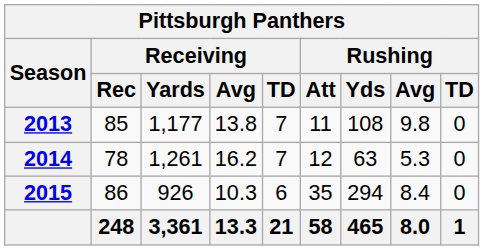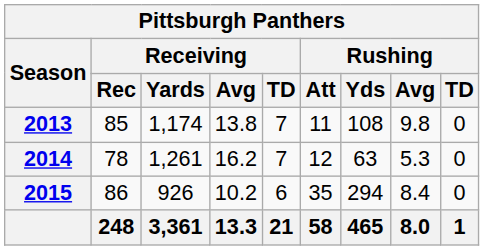 <table class=wikitable style="text-align:center;">
 <tr>
 <th colspan="9">Pittsburgh Panthers</th>
 </tr>
 <tr>
 <th rowspan="2">Season</th>
 <th colspan="4">Receiving</th>
 <th colspan="4">Rushing</th>
 </tr>
 <tr>
 <th>Rec</th>
 <th>Yards</th>
 <th>Avg</th>
 <th>TD</th>
 <th>Att</th>
 <th>Yds</th>
 <th>Avg</th>
 <th>TD</th>
 </tr>
 <tr>
 <th><a href='#'>2013</a></th>
 <td>85</td>
-<td>1,177</td>
+<td>1,174</td>
 <td>13.8</td>
 <td>7</td>
 <td>11</td>
 <td>108</td>
 <td>9.8</td>
 <td>0</td>
 </tr>
 <tr>
 <th><a href='#'>2014</a></th>
 <td>78</td>
 <td>1,261</td>
 <td>16.2</td>
 <td>7</td>
 <td>12</td>
 <td>63</td>
 <td>5.3</td>
 <td>0</td>
 </tr>
 <tr>
 <th><a href='#'>2015</a></th>
 <td>86</td>
 <td>926</td>
-<td>10.3</td>
+<td>10.2</td>
 <td>6</td>
 <td>35</td>
 <td>294</td>
 <td>8.4</td>
 <td>0</td>
 </tr>
 <tr>
 <th></th>
 <th>248</th>
 <th>3,361</th>
 <th>13.3</th>
 <th>21</th>
 <th>58</th>
 <th>465</th>
 <th>8.0</th>
 <th>1</th>
 </tr>
 </table>
